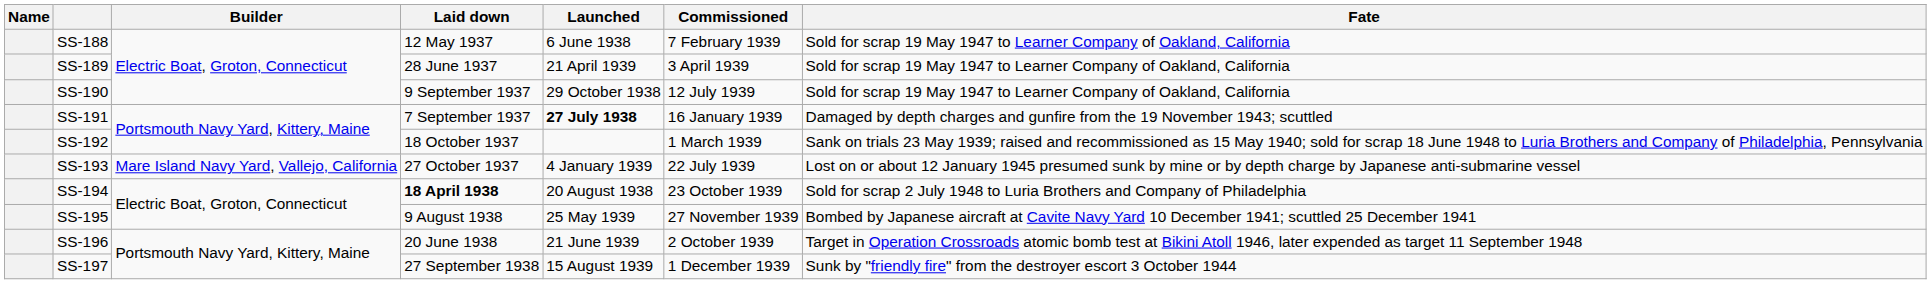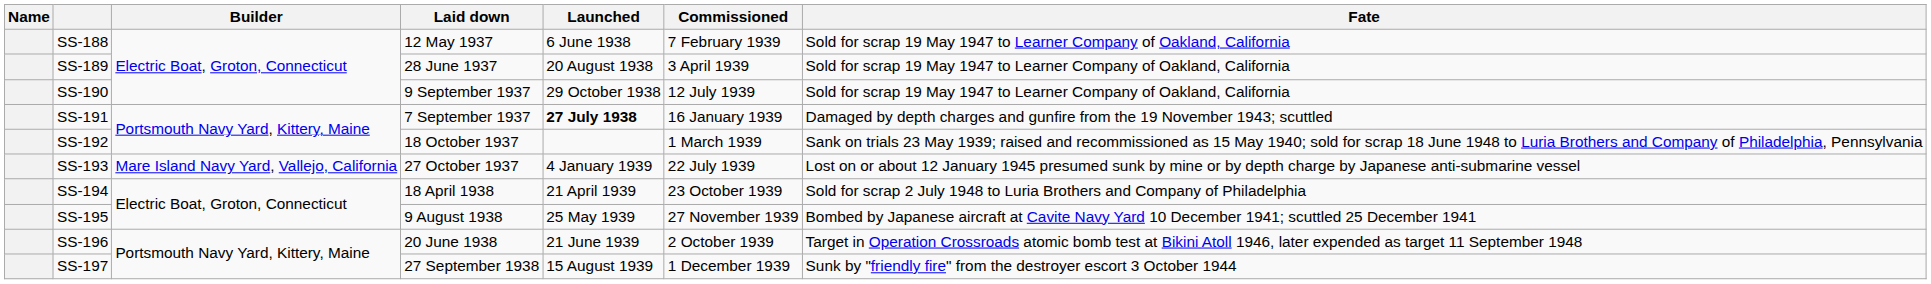 <table class="wikitable plainrowheaders sortable" style="font-size:97%;">
 <tr>
 <th scope="col">Name</th>
 <th scope="col"></th>
 <th scope="col">Builder</th>
 <th scope="col">Laid down</th>
 <th scope="col">Launched</th>
 <th scope="col">Commissioned</th>
 <th scope="col">Fate</th>
 </tr>
 <tr>
 <th scope="row"></th>
 <td style="white-space: nowrap;">SS-188</td>
 <td rowspan=3><a href='#'>Electric Boat</a>, <a href='#'>Groton, Connecticut</a></td>
 <td>12 May 1937</td>
 <td>6 June 1938</td>
 <td>7 February 1939</td>
 <td>Sold for scrap 19 May 1947 to <a href='#'>Learner Company</a> of <a href='#'>Oakland, California</a></td>
 </tr>
 <tr>
 <th scope="row"></th>
 <td>SS-189</td>
 <td>28 June 1937</td>
-<td>21 April 1939</td>
+<td>20 August 1938</td>
 <td>3 April 1939</td>
 <td>Sold for scrap 19 May 1947 to Learner Company of Oakland, California</td>
 </tr>
 <tr>
 <th scope="row"></th>
 <td>SS-190</td>
 <td>9 September 1937</td>
 <td>29 October 1938</td>
 <td>12 July 1939</td>
 <td>Sold for scrap 19 May 1947 to Learner Company of Oakland, California</td>
 </tr>
 <tr>
 <th scope="row"></th>
 <td>SS-191</td>
 <td rowspan=2><a href='#'>Portsmouth Navy Yard</a>, <a href='#'>Kittery, Maine</a></td>
 <td>7 September 1937</td>
 <td><strong>27 July 1938</strong></td>
 <td>16 January 1939</td>
 <td>Damaged by depth charges and gunfire from the  19 November 1943; scuttled</td>
 </tr>
 <tr>
 <th scope="row"></th>
 <td>SS-192</td>
 <td>18 October 1937</td>
 <td></td>
 <td>1 March 1939</td>
 <td>Sank on trials 23 May 1939; raised and recommissioned as  15 May 1940; sold for scrap 18 June 1948 to <a href='#'>Luria Brothers and Company</a> of <a href='#'>Philadelphia</a>, Pennsylvania</td>
 </tr>
 <tr>
 <th scope="row"></th>
 <td>SS-193</td>
 <td><a href='#'>Mare Island Navy Yard</a>, <a href='#'>Vallejo, California</a></td>
 <td>27 October 1937</td>
 <td>4 January 1939</td>
 <td>22 July 1939</td>
 <td>Lost on or about 12 January 1945 presumed sunk by mine or by depth charge by Japanese anti-submarine vessel</td>
 </tr>
 <tr>
 <th scope="row"></th>
 <td>SS-194</td>
 <td rowspan=2>Electric Boat, Groton, Connecticut</td>
-<td><strong>18 April 1938</strong></td>
-<td>20 August 1938</td>
+<td>18 April 1938</td>
+<td>21 April 1939</td>
 <td>23 October 1939</td>
 <td>Sold for scrap 2 July 1948 to Luria Brothers and Company of Philadelphia</td>
 </tr>
 <tr>
 <th scope="row"></th>
 <td>SS-195</td>
 <td>9 August 1938</td>
 <td>25 May 1939</td>
 <td>27 November 1939</td>
 <td>Bombed by Japanese aircraft at <a href='#'>Cavite Navy Yard</a> 10 December 1941; scuttled 25 December 1941</td>
 </tr>
 <tr>
 <th scope="row"></th>
 <td>SS-196</td>
 <td rowspan=2>Portsmouth Navy Yard, Kittery, Maine</td>
 <td>20 June 1938</td>
 <td>21 June 1939</td>
 <td>2 October 1939</td>
 <td>Target in <a href='#'>Operation Crossroads</a> atomic bomb test at <a href='#'>Bikini Atoll</a> 1946, later expended as target 11 September 1948</td>
 </tr>
 <tr>
 <th scope="row"></th>
 <td>SS-197</td>
 <td>27 September 1938</td>
 <td>15 August 1939</td>
 <td>1 December 1939</td>
 <td>Sunk by "<a href='#'>friendly fire</a>" from the destroyer escort  3 October 1944</td>
 </tr>
 </table>
